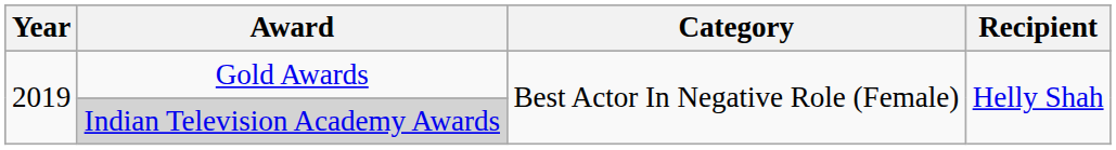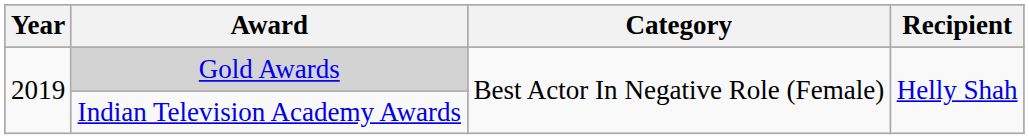 <table class="wikitable sortable" style="text-align:center;">
 <tr>
 <th>Year</th>
 <th>Award</th>
 <th>Category</th>
 <th>Recipient</th>
 </tr>
 <tr>
 <td rowspan="2">2019</td>
-<td><a href='#'>Gold Awards</a></td>
+<td style="background: lightgrey;"><a href='#'>Gold Awards</a></td>
 <td rowspan="2">Best Actor In Negative Role (Female)</td>
 <td rowspan="2"><a href='#'>Helly Shah</a></td>
 </tr>
 <tr>
-<td style="background: lightgrey;"><a href='#'>Indian Television Academy Awards</a></td>
+<td><a href='#'>Indian Television Academy Awards</a></td>
 </tr>
 </table>
